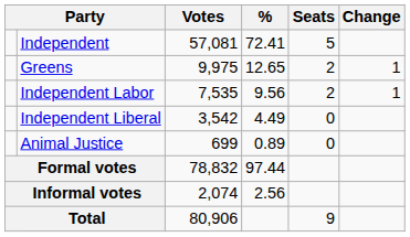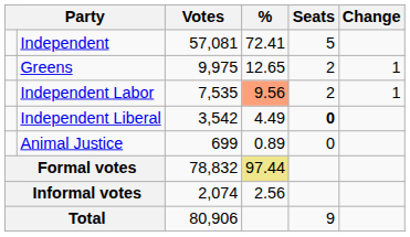 <table class="wikitable tpl-blanktable" style="text-align:right; margin-bottom:0">
 <tr>
 <th colspan="3" style="width:10px">Party</th>
 <th style="width:70px;">Votes</th>
 <th style="width:40px;">%</th>
 <th style="width:40px;">Seats</th>
 <th style="width:40px;">Change</th>
 </tr>
 <tr>
 <td> </td>
 <td colspan="2" style="text-align:left;"><a href='#'>Independent</a></td>
 <td style="width:70px;">57,081</td>
 <td style="width:40px;">72.41</td>
 <td style="width:40px;">5</td>
 <td style="width:40px;"></td>
 </tr>
 <tr>
 <td> </td>
 <td colspan="2" style="text-align:left;"><a href='#'>Greens</a></td>
 <td>9,975</td>
 <td>12.65</td>
 <td>2</td>
 <td> 1</td>
 </tr>
 <tr>
 <td> </td>
 <td colspan="2" style="text-align:left;"><a href='#'>Independent Labor</a></td>
 <td>7,535</td>
-<td>9.56</td>
+<td style="background: lightsalmon;">9.56</td>
 <td>2</td>
 <td> 1</td>
 </tr>
 <tr>
 <td> </td>
 <td colspan="2" style="text-align:left;"><a href='#'>Independent Liberal</a></td>
 <td>3,542</td>
 <td>4.49</td>
-<td>0</td>
+<td><strong>0</strong></td>
 <td></td>
 </tr>
 <tr>
 <td> </td>
 <td colspan="2" style="text-align:left;"><a href='#'>Animal Justice</a></td>
 <td>699</td>
 <td>0.89</td>
 <td>0</td>
 <td></td>
 </tr>
 <tr>
 <th colspan="3" rowspan="1"> Formal votes</th>
 <td>78,832</td>
-<td>97.44</td>
+<td style="background: khaki;">97.44</td>
 <td></td>
 <td></td>
 </tr>
 <tr>
 <th colspan="3" rowspan="1"> Informal votes</th>
 <td>2,074</td>
 <td>2.56</td>
 <td></td>
 <td></td>
 </tr>
 <tr>
 <th colspan="3" rowspan="1"> Total</th>
 <td>80,906</td>
 <td></td>
 <td>9</td>
 <td></td>
 </tr>
 </table>
